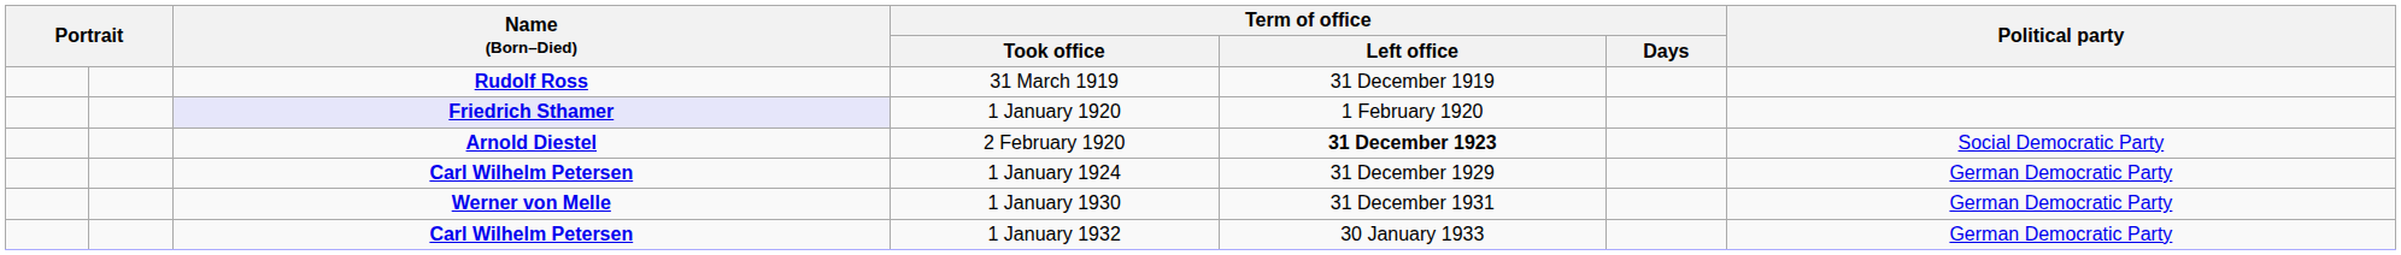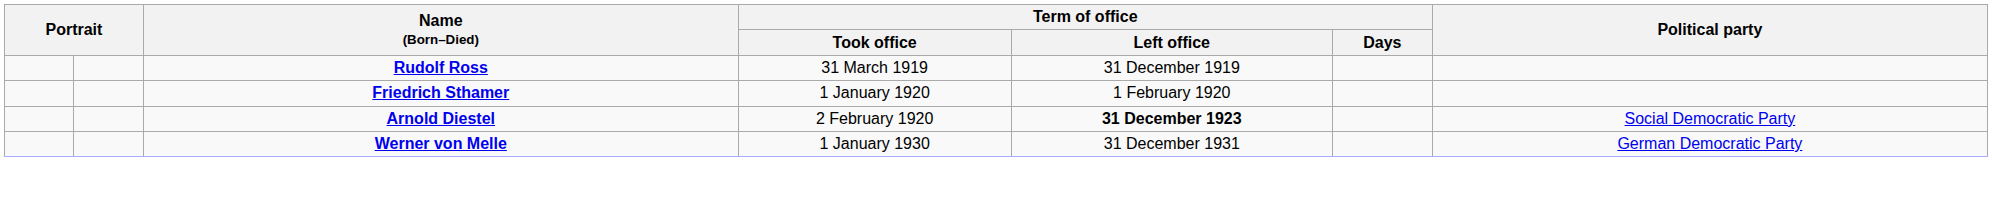 <table class="wikitable" style="text-align:center; width:100%; border:1px #AAAAFF solid">
 <tr>
 <th width=80px rowspan=2 colspan=2>Portrait</th>
 <th width=30% rowspan=2>Name<br><small>(Born–Died)</small></th>
 <th width=35% colspan=3>Term of office</th>
 <th width=28% rowspan=2>Political party</th>
 </tr>
 <tr>
 <th>Took office</th>
 <th>Left office</th>
 <th>Days</th>
 </tr>
 <tr>
 <td style="background:"></td>
 <td></td>
 <td><strong><a href='#'>Rudolf Ross</a></strong><br></td>
 <td>31 March 1919</td>
 <td>31 December 1919</td>
 <td></td>
 <td></td>
 </tr>
 <tr>
 <td style="background:"></td>
 <td></td>
-<td style="background: lavender;"><strong><a href='#'>Friedrich Sthamer</a></strong><br></td>
+<td><strong><a href='#'>Friedrich Sthamer</a></strong><br></td>
 <td>1 January 1920</td>
 <td>1 February 1920</td>
 <td></td>
 <td></td>
 </tr>
 <tr>
 <td style="background:"></td>
 <td></td>
 <td><strong><a href='#'>Arnold Diestel</a></strong><br></td>
 <td>2 February 1920</td>
 <td><strong>31 December 1923</strong></td>
 <td></td>
 <td><a href='#'>Social Democratic Party</a></td>
 </tr>
 <tr>
 <td style="background:"></td>
 <td></td>
-<td><strong><a href='#'>Carl Wilhelm Petersen</a></strong><br></td>
-<td>1 January 1924</td>
-<td>31 December 1929</td>
-<td></td>
-<td><a href='#'>German Democratic Party</a></td>
-</tr>
-<tr>
-<td style="background:"></td>
-<td></td>
 <td><strong><a href='#'>Werner von Melle</a></strong><br></td>
 <td>1 January 1930</td>
 <td>31 December 1931</td>
 <td></td>
 <td><a href='#'>German Democratic Party</a></td>
 </tr>
 <tr>
-<td style="background:"></td>
-<td></td>
-<td><strong><a href='#'>Carl Wilhelm Petersen</a></strong><br></td>
-<td>1 January 1932</td>
-<td>30 January 1933</td>
-<td></td>
-<td><a href='#'>German Democratic Party</a></td>
-</tr>
-<tr>
 </tr>
 </table>
